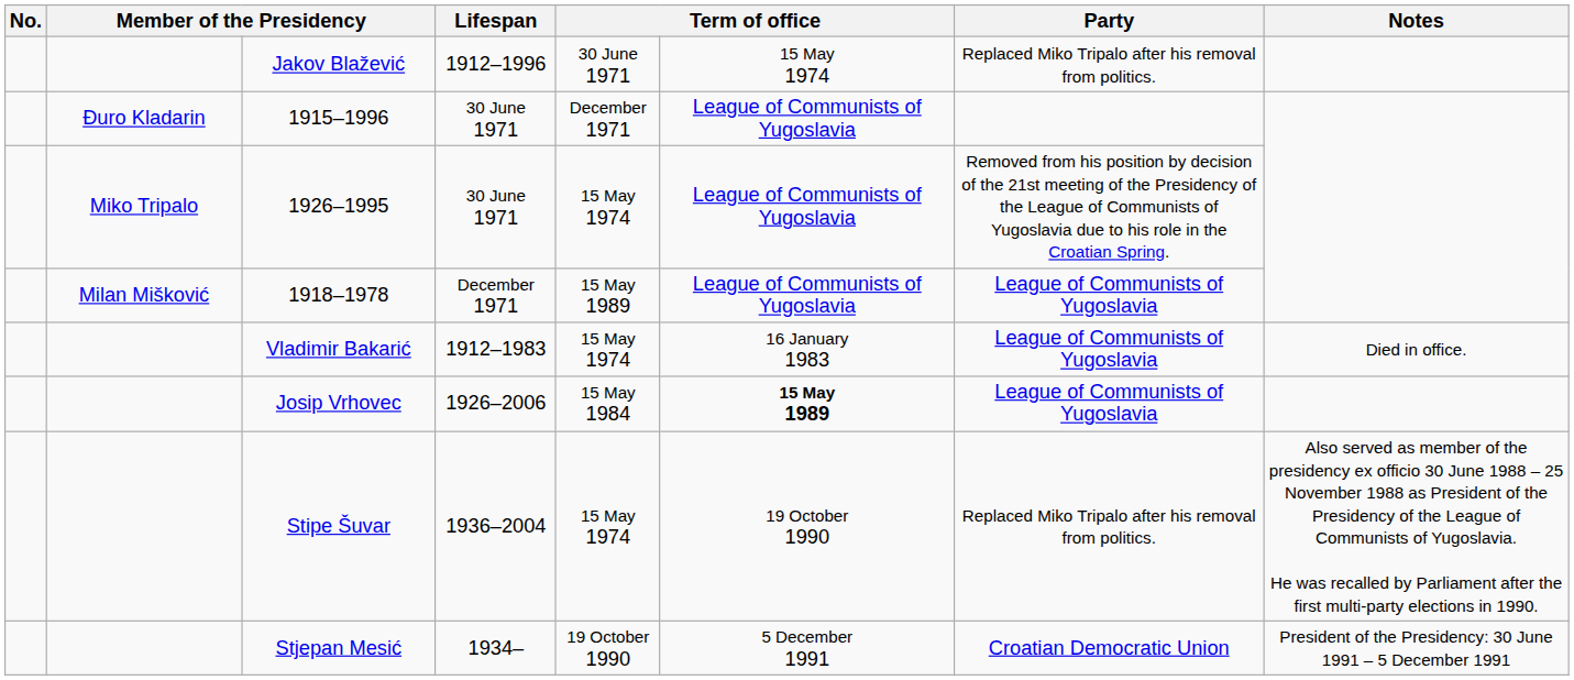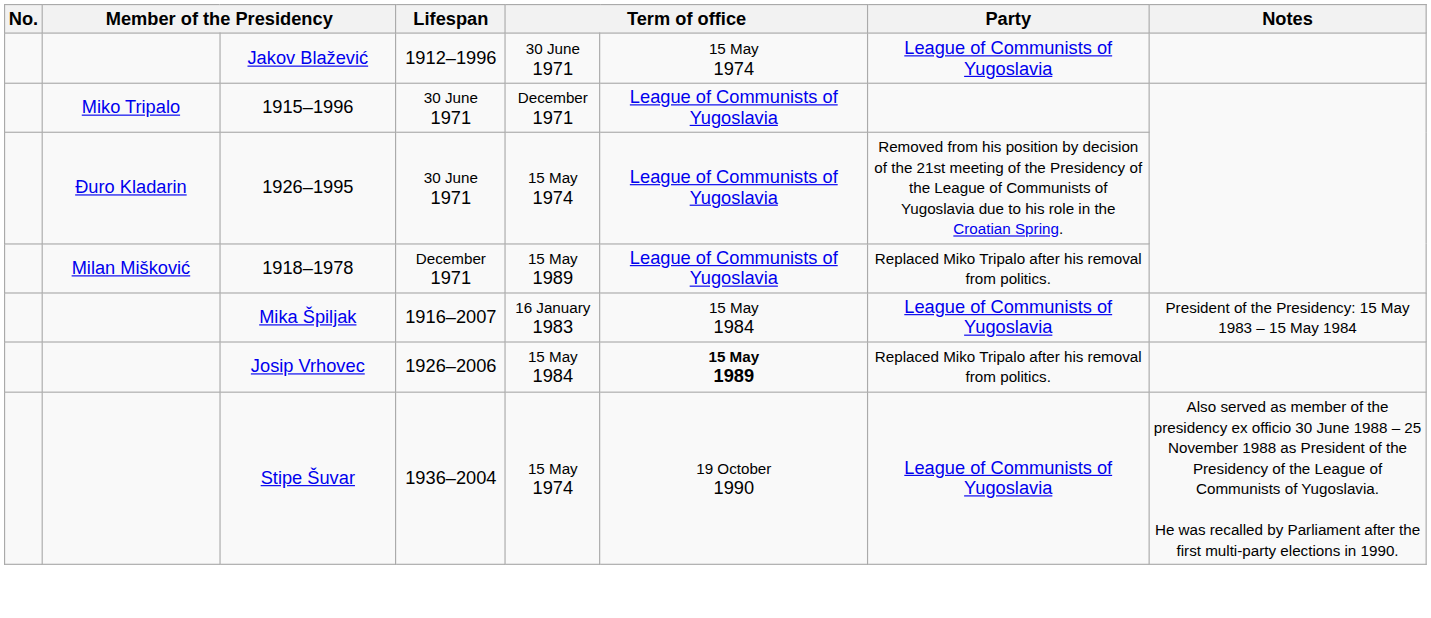 <table class="wikitable" style="text-align:center">
 <tr>
 <th>No.</th>
 <th colspan="2">Member of the Presidency</th>
 <th>Lifespan</th>
 <th colspan="2">Term of office</th>
 <th>Party</th>
 <th>Notes</th>
 </tr>
 <tr>
 <td style="background: "></td>
 <td style="width:1em;"></td>
 <td style="width:11em;"><a href='#'>Jakov Blažević</a></td>
 <td style="width:6em;">1912–1996</td>
 <td style="width:5em;"><small>30 June</small><br>1971</td>
 <td style="width:5em;"><small>15 May</small><br>1974</td>
-<td style="width:18em;"><small>Replaced Miko Tripalo after his removal from politics.</small></td>
+<td style="width:17em;"><a href='#'>League of Communists of Yugoslavia</a></td>
 <td style="width:18em;"><small></small></td>
 </tr>
 <tr>
 <td style="width:1em;"></td>
-<td style="width:11em;"><a href='#'>Đuro Kladarin</a></td>
+<td style="width:11em;"><a href='#'>Miko Tripalo</a></td>
 <td style="width:6em;">1915–1996</td>
 <td style="width:5em;"><small>30 June</small><br>1971</td>
 <td style="width:5em;"><small>December</small><br>1971</td>
 <td style="width:17em;"><a href='#'>League of Communists of Yugoslavia</a></td>
 <td style="width:18em;"><small></small></td>
 </tr>
 <tr>
 <td style="width:1em;"></td>
-<td style="width:11em;"><a href='#'>Miko Tripalo</a></td>
+<td style="width:11em;"><a href='#'>Đuro Kladarin</a></td>
 <td style="width:6em;">1926–1995</td>
 <td style="width:5em;"><small>30 June</small><br>1971</td>
 <td style="width:5em;"><small>15 May</small><br>1974</td>
 <td style="width:17em;"><a href='#'>League of Communists of Yugoslavia</a></td>
 <td style="width:18em;"><small>Removed from his position by decision of the 21st meeting of the Presidency of the League of Communists of Yugoslavia due to his role in the <a href='#'>Croatian Spring</a>.</small></td>
 </tr>
 <tr>
 <td style="width:1em;"></td>
 <td style="width:11em;"><a href='#'>Milan Mišković</a></td>
 <td style="width:6em;">1918–1978</td>
 <td style="width:5em;"><small>December</small><br>1971</td>
 <td style="width:5em;"><small>15 May</small><br>1989</td>
 <td style="width:17em;"><a href='#'>League of Communists of Yugoslavia</a></td>
-<td style="width:17em;"><a href='#'>League of Communists of Yugoslavia</a></td>
+<td style="width:18em;"><small>Replaced Miko Tripalo after his removal from politics.</small></td>
 </tr>
 <tr>
 <td style="background: "></td>
 <td style="width:1em;"></td>
-<td style="width:11em;"><a href='#'>Vladimir Bakarić</a></td>
-<td style="width:6em;">1912–1983</td>
-<td style="width:5em;"><small>15 May</small><br>1974</td>
+<td style="width:11em;"><a href='#'>Mika Špiljak</a></td>
+<td style="width:6em;">1916–2007</td>
 <td style="width:5em;"><small>16 January</small><br>1983</td>
+<td style="width:5em;"><small>15 May</small><br>1984</td>
 <td style="width:17em;"><a href='#'>League of Communists of Yugoslavia</a></td>
-<td style="width:18em;"><small>Died in office.</small></td>
+<td style="width:18em;"><small>President of the Presidency: 15 May 1983 – 15 May 1984</small></td>
 </tr>
 <tr>
 <td style="background: "></td>
 <td style="width:1em;"></td>
 <td style="width:11em;"><a href='#'>Josip Vrhovec</a></td>
 <td style="width:6em;">1926–2006</td>
 <td style="width:5em;"><small>15 May</small><br>1984</td>
 <td style="width:5em;"><strong><small>15 May</small><br>1989</strong></td>
-<td style="width:17em;"><a href='#'>League of Communists of Yugoslavia</a></td>
+<td style="width:18em;"><small>Replaced Miko Tripalo after his removal from politics.</small></td>
 <td style="width:18em;"><small></small></td>
 </tr>
 <tr>
 <td style="background: "></td>
 <td style="width:1em;"></td>
 <td style="width:11em;"><a href='#'>Stipe Šuvar</a></td>
 <td style="width:6em;">1936–2004</td>
 <td style="width:5em;"><small>15 May</small><br>1974</td>
 <td style="width:5em;"><small>19 October</small><br>1990</td>
-<td style="width:18em;"><small>Replaced Miko Tripalo after his removal from politics.</small></td>
+<td style="width:17em;"><a href='#'>League of Communists of Yugoslavia</a></td>
 <td style="width:18em;"><small>Also served as member of the presidency ex officio 30 June 1988 – 25 November 1988 as President of the Presidency of the League of Communists of Yugoslavia.<br><br> He was recalled by Parliament after the first multi-party elections in 1990.</small></td>
 </tr>
-<tr>
-<td style="background: "></td>
-<td style="width:1em;"></td>
-<td style="width:11em;"><a href='#'>Stjepan Mesić</a></td>
-<td style="width:6em;">1934–</td>
-<td style="width:5em;"><small>19 October</small><br>1990</td>
-<td style="width:5em;"><small>5 December</small><br>1991</td>
-<td style="width:17em;"><a href='#'>Croatian Democratic Union</a></td>
-<td style="width:18em;"><small>President of the Presidency: 30 June 1991 – 5 December 1991</small></td>
-</tr>
 </table>
